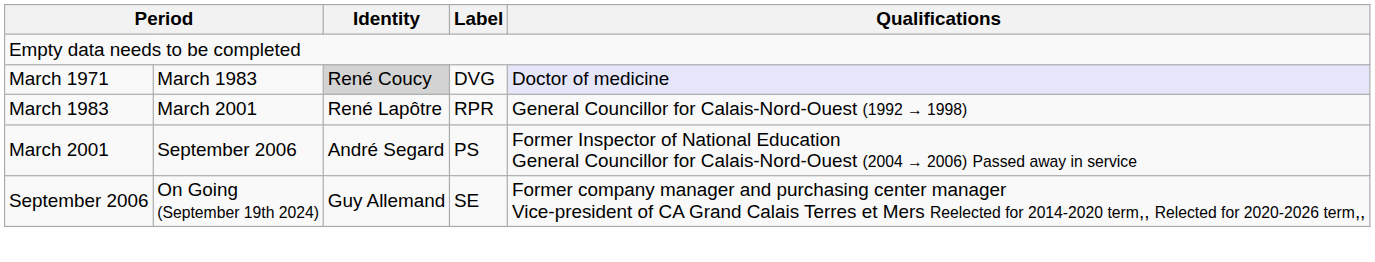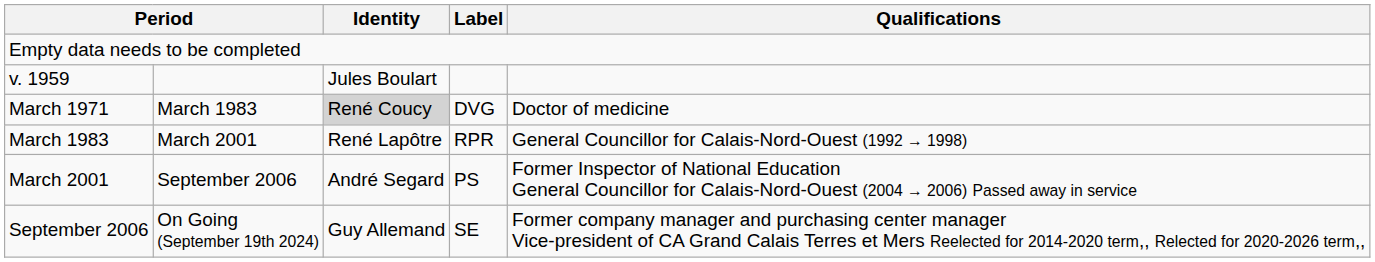 <table class="wikitable">
 <tr>
 <th colspan="2">Period</th>
 <th>Identity</th>
 <th>Label</th>
 <th>Qualifications</th>
 </tr>
 <tr>
 <td colspan="5">Empty data needs to be completed</td>
 </tr>
 <tr>
+<td>v. 1959</td>
+<td></td>
+<td>Jules Boulart</td>
+<td></td>
+<td></td>
+</tr>
+<tr>
 <td>March 1971</td>
 <td>March 1983</td>
 <td style="background: lightgrey;">René Coucy</td>
 <td>DVG</td>
-<td style="background: lavender;">Doctor of medicine</td>
+<td>Doctor of medicine</td>
 </tr>
 <tr>
 <td>March 1983</td>
 <td>March 2001</td>
 <td>René Lapôtre</td>
 <td>RPR</td>
 <td>General Councillor for Calais-Nord-Ouest <small>(1992 → 1998)</small></td>
 </tr>
 <tr>
 <td>March 2001</td>
 <td>September 2006</td>
 <td>André Segard</td>
 <td>PS</td>
 <td>Former Inspector of National Education<br>General Councillor for Calais-Nord-Ouest <small>(2004 → 2006)</small> <small>Passed away in service</small></td>
 </tr>
 <tr>
 <td>September 2006</td>
 <td>On Going<br><small>(September 19th 2024)</small></td>
 <td>Guy Allemand</td>
 <td>SE</td>
 <td>Former company manager and purchasing center manager<br>Vice-president of CA Grand Calais Terres et Mers <small>Reelected for 2014-2020 term</small>,, <small>Relected for 2020-2026 term</small>,,</td>
 </tr>
 </table>
